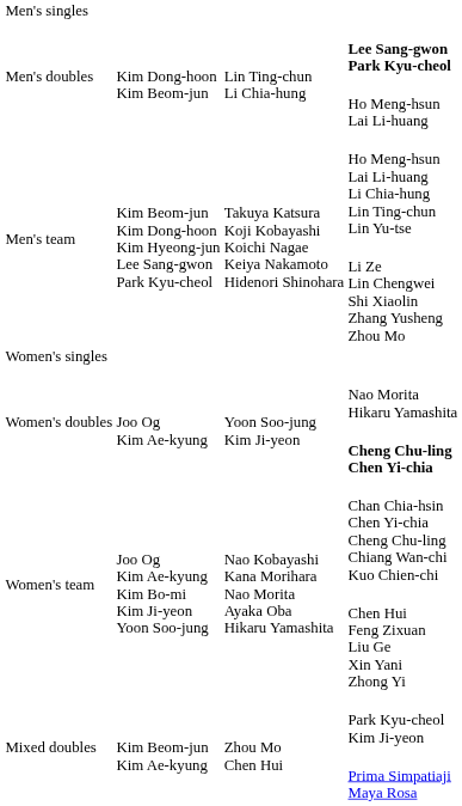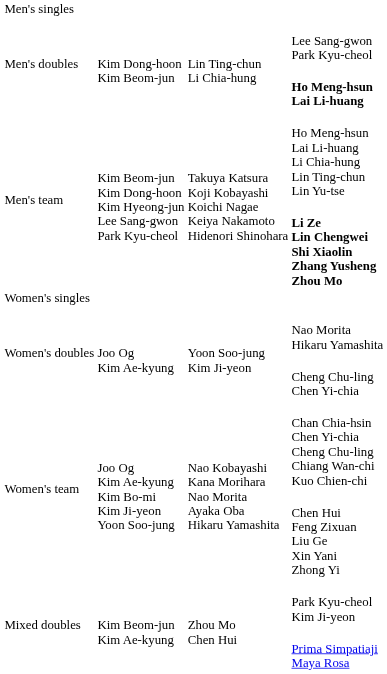 <table>
 <tr>
 <td rowspan=2>Men's singles<br></td>
 <td rowspan=2></td>
 <td rowspan=2></td>
 <td></td>
 </tr>
 <tr>
 <td></td>
 </tr>
 <tr>
 <td rowspan=2>Men's doubles<br></td>
 <td rowspan=2><br>Kim Dong-hoon<br>Kim Beom-jun</td>
 <td rowspan=2><br>Lin Ting-chun<br>Li Chia-hung</td>
-<td><strong><br>Lee Sang-gwon<br>Park Kyu-cheol</strong></td>
+<td><br>Lee Sang-gwon<br>Park Kyu-cheol</td>
 </tr>
 <tr>
-<td><br>Ho Meng-hsun<br>Lai Li-huang</td>
+<td><strong><br>Ho Meng-hsun<br>Lai Li-huang</strong></td>
 </tr>
 <tr>
 <td rowspan=2>Men's team<br></td>
 <td rowspan=2><br>Kim Beom-jun<br>Kim Dong-hoon<br>Kim Hyeong-jun<br>Lee Sang-gwon<br>Park Kyu-cheol</td>
 <td rowspan=2><br>Takuya Katsura<br>Koji Kobayashi<br>Koichi Nagae<br>Keiya Nakamoto<br>Hidenori Shinohara</td>
 <td><br>Ho Meng-hsun<br>Lai Li-huang<br>Li Chia-hung<br>Lin Ting-chun<br>Lin Yu-tse</td>
 </tr>
 <tr>
-<td><br>Li Ze<br>Lin Chengwei<br>Shi Xiaolin<br>Zhang Yusheng<br>Zhou Mo</td>
+<td><strong><br>Li Ze<br>Lin Chengwei<br>Shi Xiaolin<br>Zhang Yusheng<br>Zhou Mo</strong></td>
 </tr>
 <tr>
 <td rowspan=2>Women's singles<br></td>
 <td rowspan=2></td>
 <td rowspan=2></td>
 <td></td>
 </tr>
 <tr>
 <td></td>
 </tr>
 <tr>
 <td rowspan=2>Women's doubles<br></td>
 <td rowspan=2><br>Joo Og<br>Kim Ae-kyung</td>
 <td rowspan=2><br>Yoon Soo-jung<br>Kim Ji-yeon</td>
 <td><br>Nao Morita<br>Hikaru Yamashita</td>
 </tr>
 <tr>
-<td><strong><br>Cheng Chu-ling<br>Chen Yi-chia</strong></td>
+<td><br>Cheng Chu-ling<br>Chen Yi-chia</td>
 </tr>
 <tr>
 <td rowspan=2>Women's team<br></td>
 <td rowspan=2><br>Joo Og<br>Kim Ae-kyung<br>Kim Bo-mi<br>Kim Ji-yeon<br>Yoon Soo-jung</td>
 <td rowspan=2><br>Nao Kobayashi<br>Kana Morihara<br>Nao Morita<br>Ayaka Oba<br>Hikaru Yamashita</td>
 <td><br>Chan Chia-hsin<br>Chen Yi-chia<br>Cheng Chu-ling<br>Chiang Wan-chi<br>Kuo Chien-chi</td>
 </tr>
 <tr>
 <td><br>Chen Hui<br>Feng Zixuan<br>Liu Ge<br>Xin Yani<br>Zhong Yi</td>
 </tr>
 <tr>
 <td rowspan=2>Mixed doubles<br></td>
 <td rowspan=2><br>Kim Beom-jun<br>Kim Ae-kyung</td>
 <td rowspan=2><br>Zhou Mo<br>Chen Hui</td>
 <td><br>Park Kyu-cheol<br>Kim Ji-yeon</td>
 </tr>
 <tr>
 <td><br><a href='#'>Prima Simpatiaji</a><br><a href='#'>Maya Rosa</a></td>
 </tr>
 </table>
